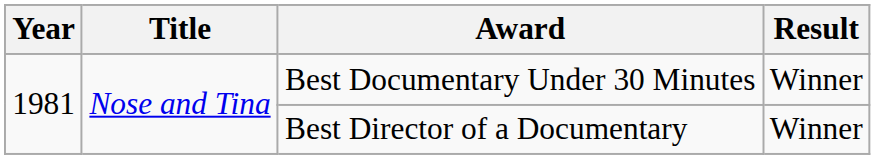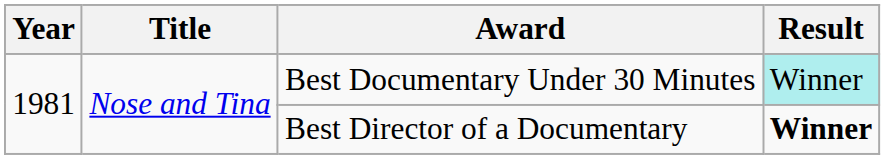 <table class="wikitable">
 <tr>
 <th>Year</th>
 <th>Title</th>
 <th>Award</th>
 <th>Result</th>
 </tr>
 <tr>
 <td rowspan=2>1981</td>
 <td rowspan=2><em><a href='#'>Nose and Tina</a></em></td>
 <td>Best Documentary Under 30 Minutes</td>
-<td>Winner</td>
+<td style="background: paleturquoise;">Winner</td>
 </tr>
 <tr>
 <td>Best Director of a Documentary</td>
-<td>Winner</td>
+<td><strong>Winner</strong></td>
 </tr>
 </table>
